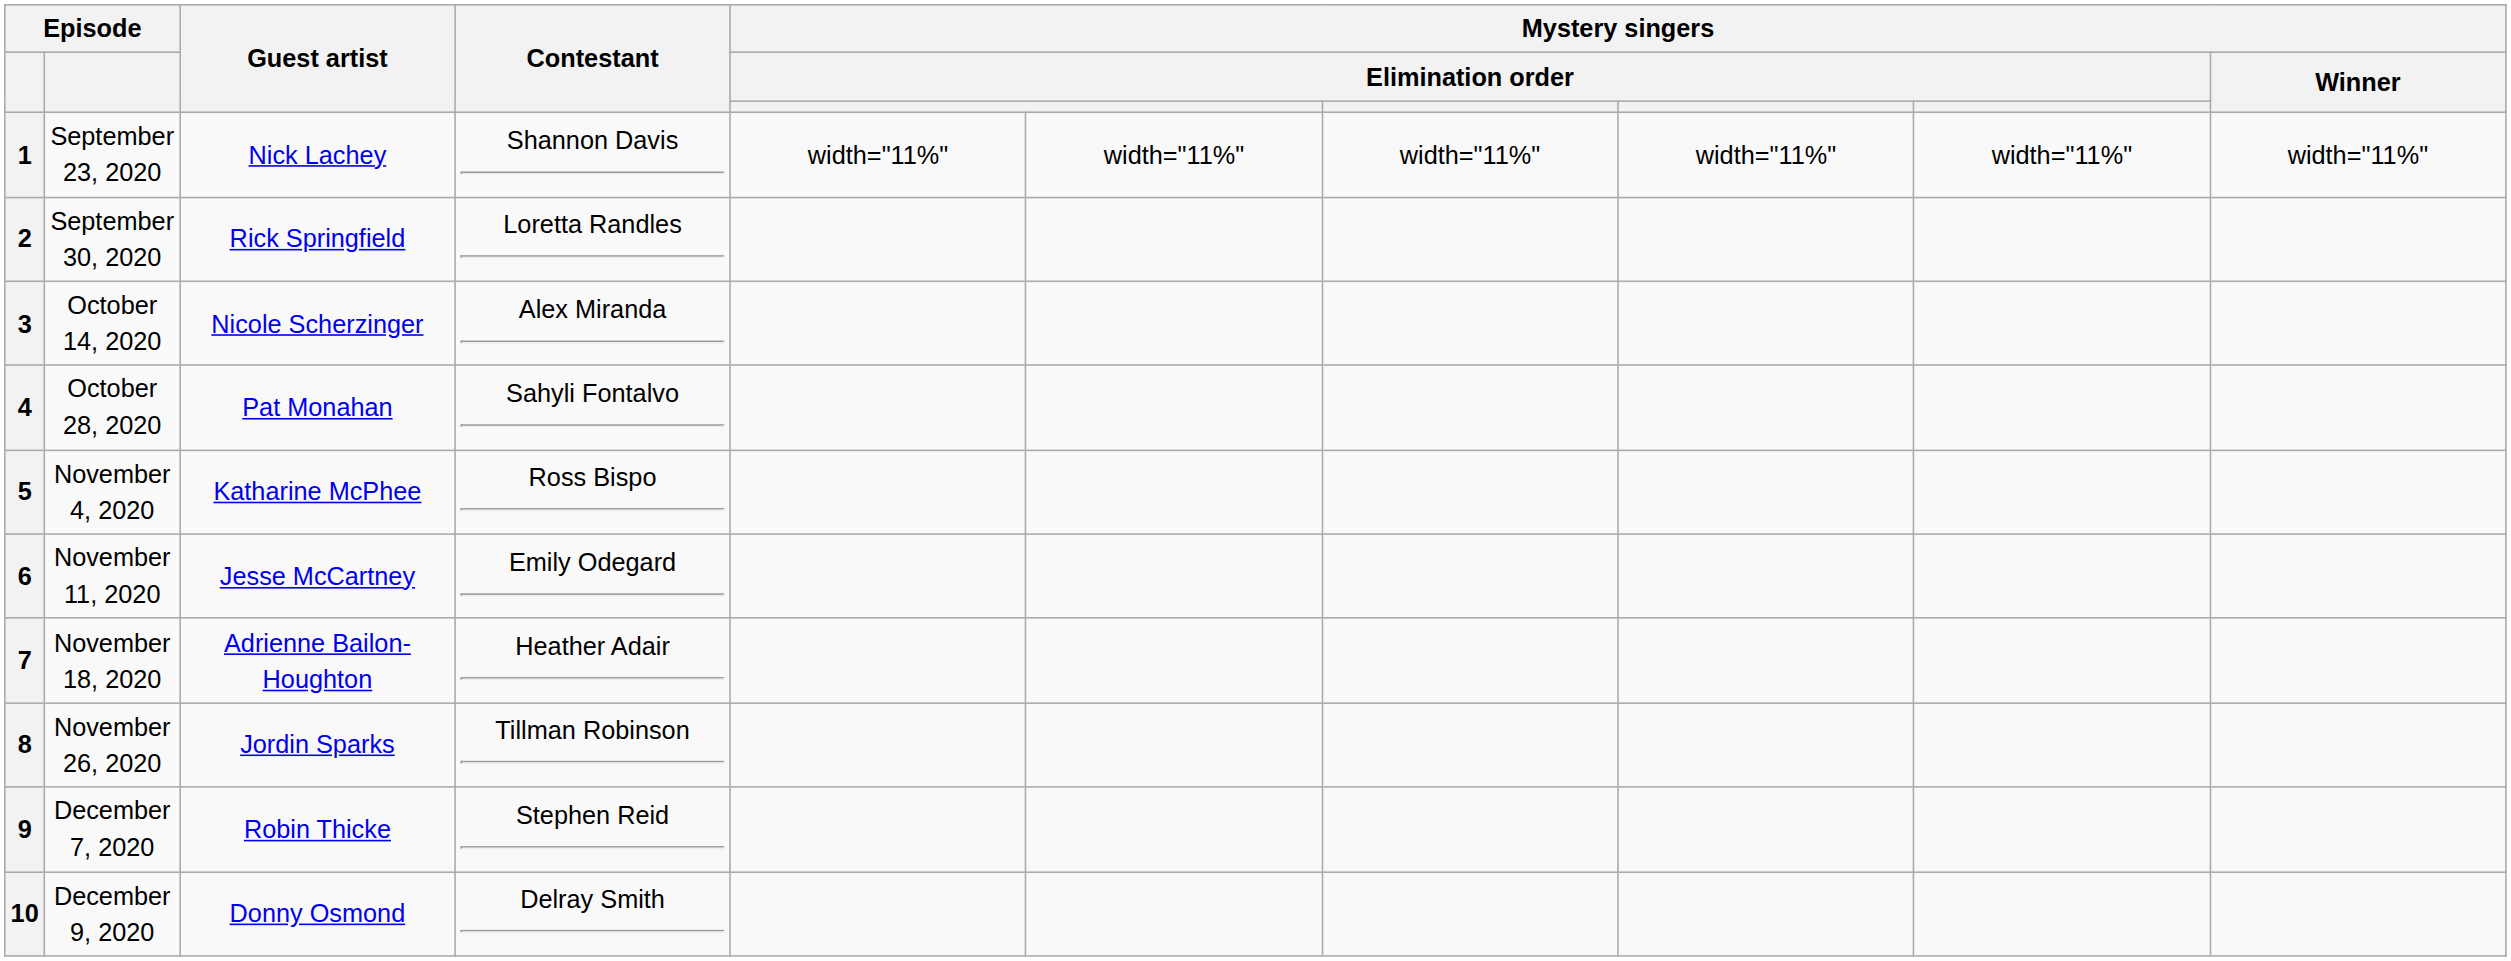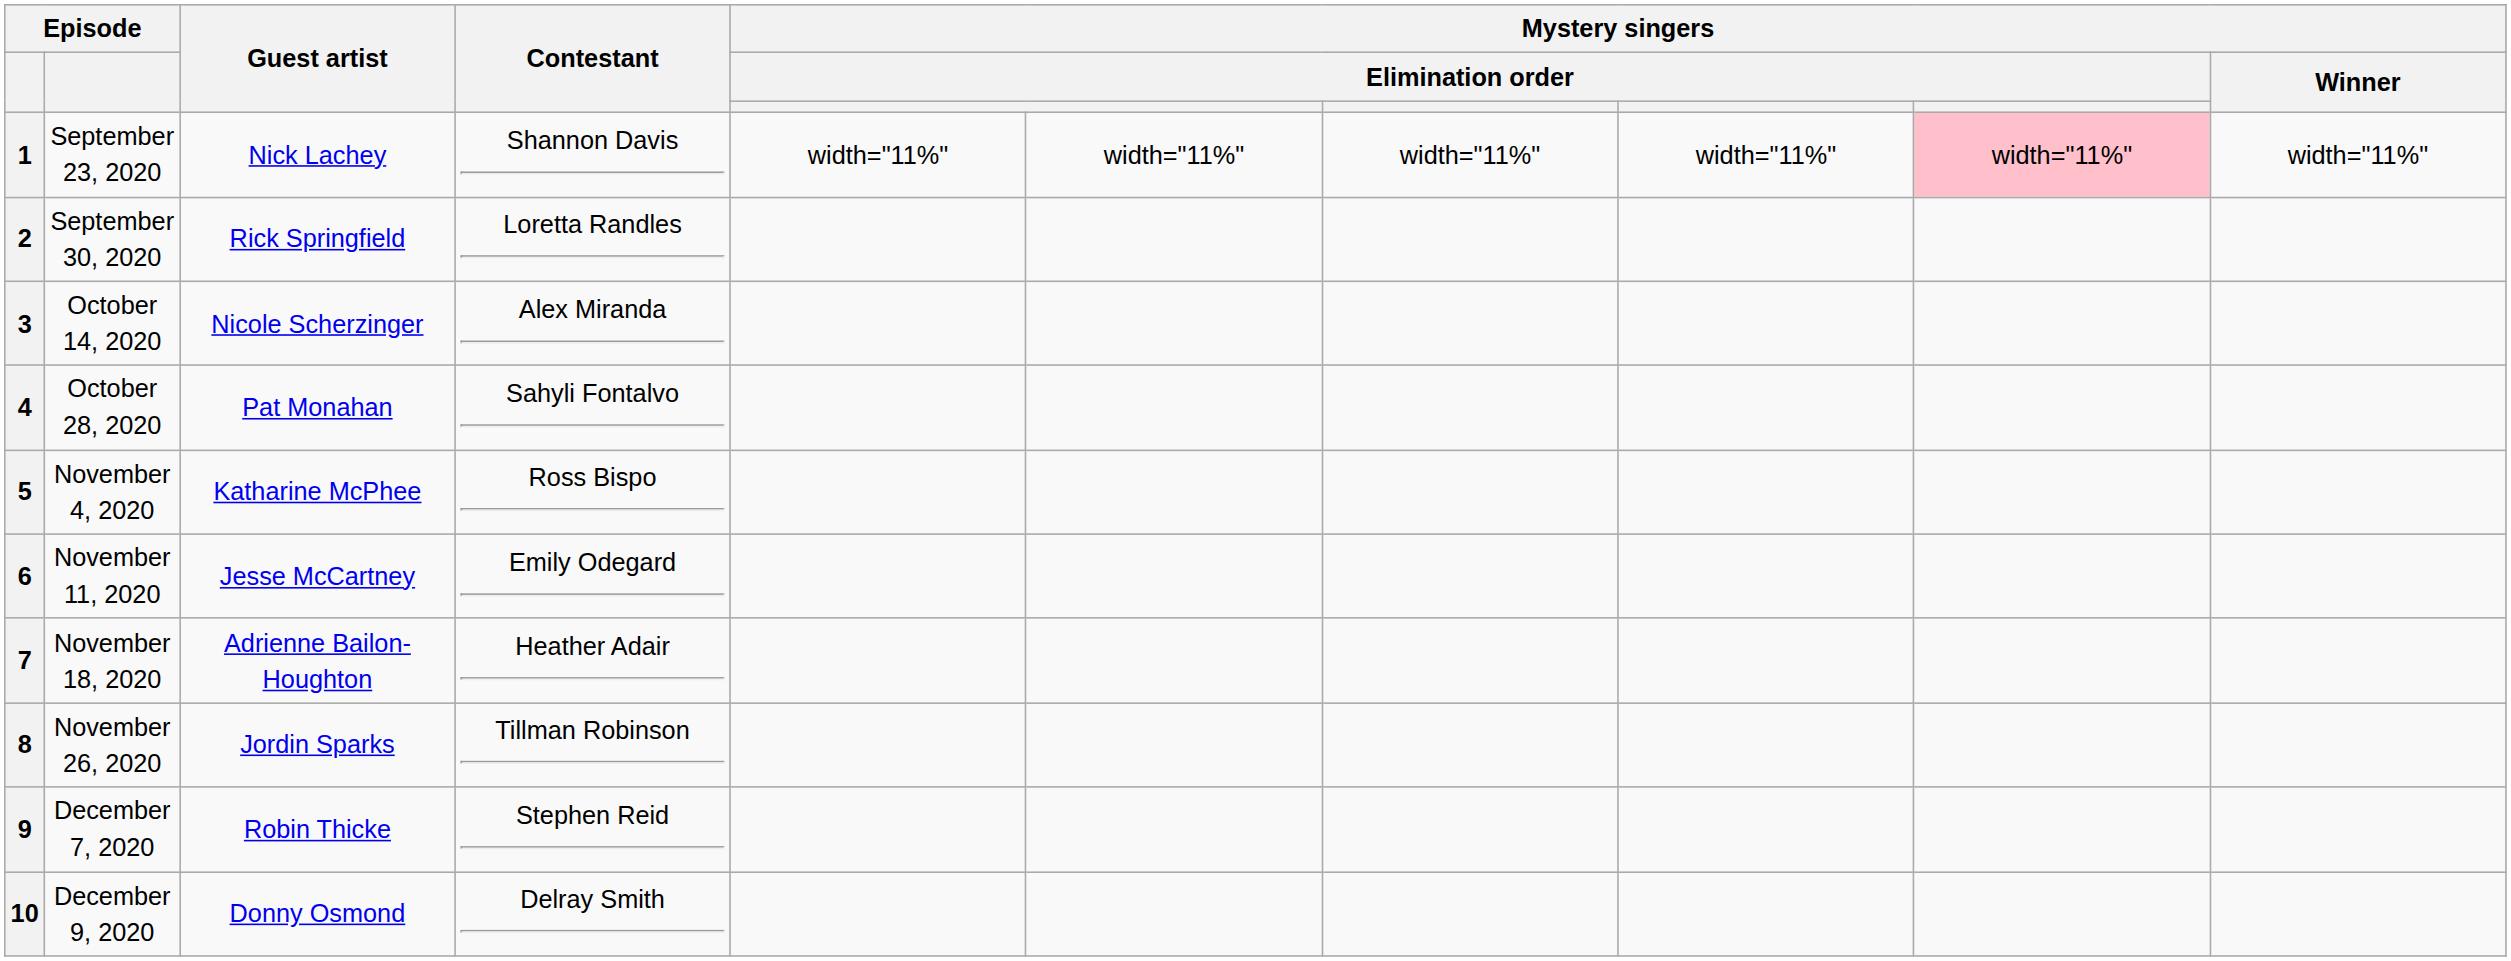 <table class="wikitable plainrowheaders mw-collapsible" style="text-align:center; line-height:23px; width:100%;">
 <tr>
 <th colspan="2" width="1%">Episode</th>
 <th rowspan="3" width="11%">Guest artist</th>
 <th rowspan="3" width="11%">Contestant</th>
 <th colspan="6">Mystery singers<br></th>
 </tr>
 <tr>
 <th rowspan="2"></th>
 <th rowspan="2"></th>
 <th colspan="5">Elimination order</th>
 <th rowspan="2">Winner</th>
 </tr>
 <tr>
 <th colspan="2"></th>
 <th></th>
 <th></th>
 <th></th>
 </tr>
 <tr>
 <th>1</th>
 <td>September 23, 2020</td>
 <td><a href='#'>Nick Lachey</a></td>
 <td>Shannon Davis<hr></td>
 <td>width="11%" </td>
 <td>width="11%" </td>
 <td>width="11%" </td>
 <td>width="11%" </td>
-<td>width="11%" </td>
+<td style="background: pink;">width="11%" </td>
 <td>width="11%" </td>
 </tr>
 <tr>
 <th>2</th>
 <td>September 30, 2020</td>
 <td><a href='#'>Rick Springfield</a></td>
 <td>Loretta Randles<hr></td>
 <td></td>
 <td></td>
 <td></td>
 <td></td>
 <td></td>
 <td></td>
 </tr>
 <tr>
 <th>3</th>
 <td>October 14, 2020</td>
 <td><a href='#'>Nicole Scherzinger</a></td>
 <td>Alex Miranda<hr></td>
 <td></td>
 <td></td>
 <td></td>
 <td></td>
 <td></td>
 <td></td>
 </tr>
 <tr>
 <th>4</th>
 <td>October 28, 2020</td>
 <td><a href='#'>Pat Monahan</a></td>
 <td>Sahyli Fontalvo<hr></td>
 <td></td>
 <td></td>
 <td></td>
 <td></td>
 <td></td>
 <td></td>
 </tr>
 <tr>
 <th>5</th>
 <td>November 4, 2020</td>
 <td><a href='#'>Katharine McPhee</a></td>
 <td>Ross Bispo<hr></td>
 <td></td>
 <td></td>
 <td></td>
 <td></td>
 <td></td>
 <td></td>
 </tr>
 <tr>
 <th>6</th>
 <td>November 11, 2020</td>
 <td><a href='#'>Jesse McCartney</a></td>
 <td>Emily Odegard<hr></td>
 <td></td>
 <td></td>
 <td></td>
 <td></td>
 <td></td>
 <td></td>
 </tr>
 <tr>
 <th>7</th>
 <td>November 18, 2020</td>
 <td><a href='#'>Adrienne Bailon-Houghton</a></td>
 <td>Heather Adair<hr></td>
 <td></td>
 <td></td>
 <td></td>
 <td></td>
 <td></td>
 <td></td>
 </tr>
 <tr>
 <th>8</th>
 <td>November 26, 2020</td>
 <td><a href='#'>Jordin Sparks</a></td>
 <td>Tillman Robinson<hr></td>
 <td></td>
 <td></td>
 <td></td>
 <td></td>
 <td></td>
 <td></td>
 </tr>
 <tr>
 <th>9</th>
 <td>December 7, 2020</td>
 <td><a href='#'>Robin Thicke</a></td>
 <td>Stephen Reid<hr></td>
 <td></td>
 <td></td>
 <td></td>
 <td></td>
 <td></td>
 <td></td>
 </tr>
 <tr>
 <th>10</th>
 <td>December 9, 2020</td>
 <td><a href='#'>Donny Osmond</a></td>
 <td>Delray Smith<hr></td>
 <td></td>
 <td></td>
 <td></td>
 <td></td>
 <td></td>
 <td></td>
 </tr>
 </table>
